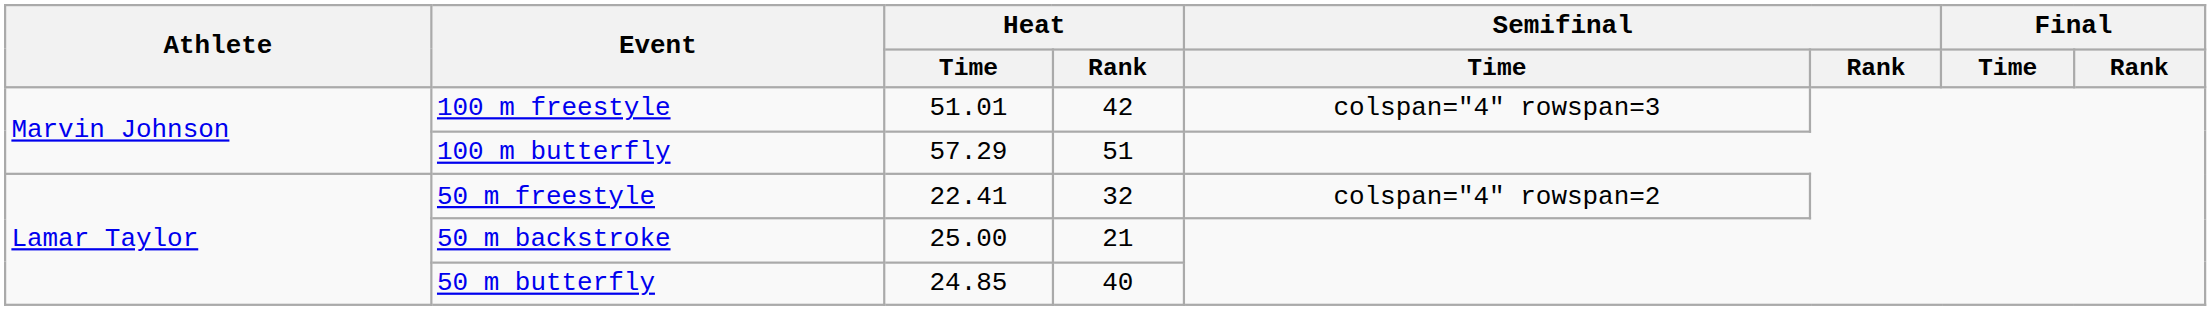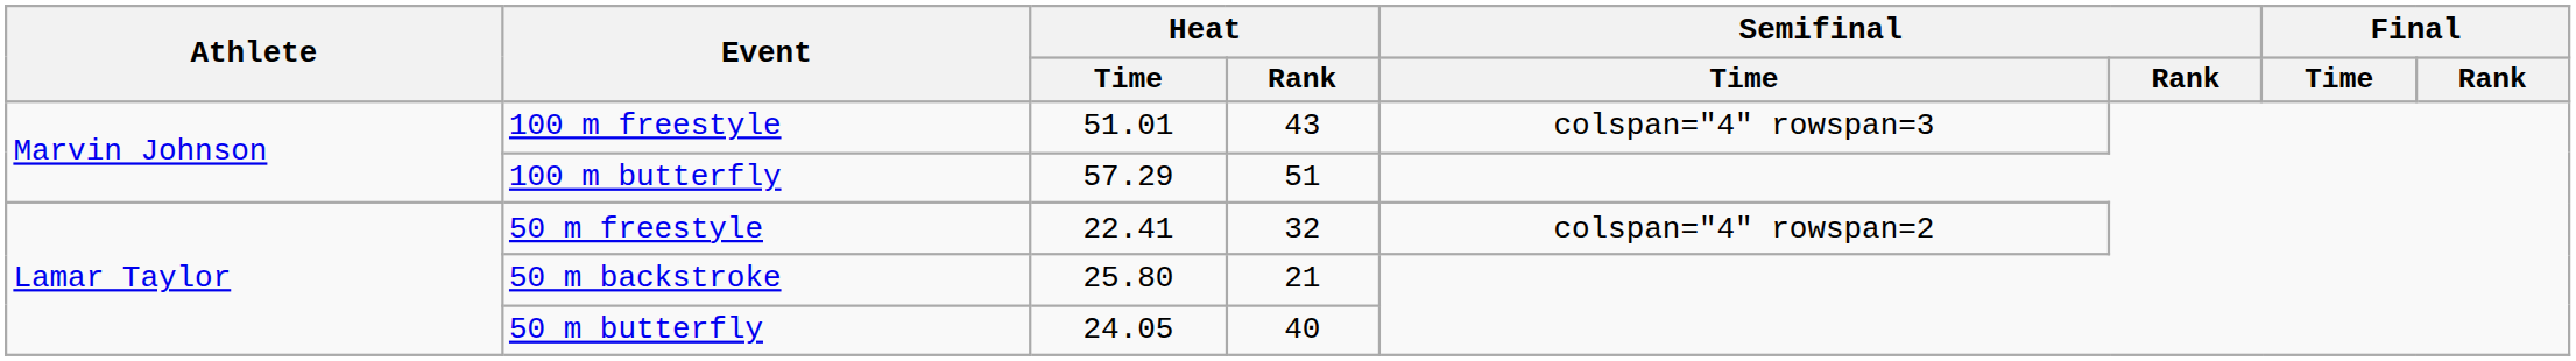 <table class="wikitable" style="text-align:center; font-size:90%; width:50%;">
 <tr>
 <th rowspan="2">Athlete</th>
 <th rowspan="2">Event</th>
 <th colspan="2">Heat</th>
 <th colspan="2">Semifinal</th>
 <th colspan="2">Final</th>
 </tr>
 <tr style="font-size:95%">
 <th>Time</th>
 <th>Rank</th>
 <th>Time</th>
 <th>Rank</th>
 <th>Time</th>
 <th>Rank</th>
 </tr>
 <tr>
 <td align=left rowspan=2><a href='#'>Marvin Johnson</a></td>
 <td align=left><a href='#'>100 m freestyle</a></td>
 <td>51.01</td>
-<td>42</td>
+<td>43</td>
 <td>colspan="4" rowspan=3</td>
 </tr>
 <tr>
 <td align=left><a href='#'>100 m butterfly</a></td>
 <td>57.29</td>
 <td>51</td>
 </tr>
 <tr>
 <td align=left rowspan=3><a href='#'>Lamar Taylor</a></td>
 <td align=left><a href='#'>50 m freestyle</a></td>
 <td>22.41</td>
 <td>32</td>
 <td>colspan="4" rowspan=2</td>
 </tr>
 <tr>
 <td align=left><a href='#'>50 m backstroke</a></td>
-<td>25.00</td>
+<td>25.80</td>
 <td>21</td>
 </tr>
 <tr>
 <td align=left><a href='#'>50 m butterfly</a></td>
-<td>24.85</td>
+<td>24.05</td>
 <td>40</td>
 </tr>
 </table>
